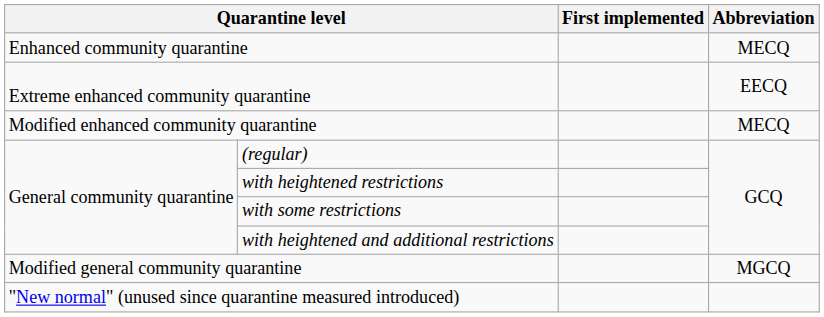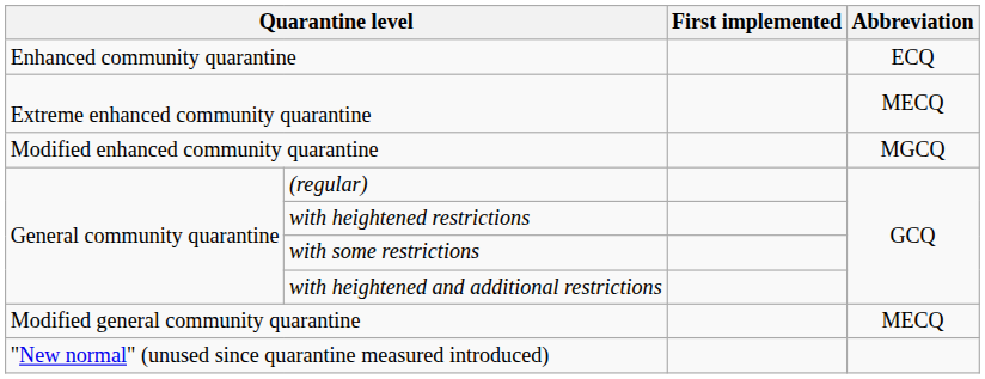 <table class="wikitable" style="text-align:center;">
 <tr>
 <th colspan="2">Quarantine level</th>
 <th>First implemented</th>
 <th>Abbreviation</th>
 </tr>
 <tr>
 <td colspan="2" align="left">Enhanced community quarantine</td>
 <td></td>
-<td>MECQ</td>
+<td>ECQ</td>
 </tr>
 <tr>
 <td colspan="2" align="left"><br>Extreme enhanced community quarantine</td>
 <td></td>
-<td>EECQ</td>
+<td>MECQ</td>
 </tr>
 <tr>
 <td colspan="2" align="left">Modified enhanced community quarantine</td>
 <td></td>
-<td>MECQ</td>
+<td>MGCQ</td>
 </tr>
 <tr>
 <td rowspan="4" align="left">General community quarantine</td>
 <td align="left"><em>(regular)</em></td>
 <td></td>
 <td rowspan="4">GCQ</td>
 </tr>
 <tr>
 <td align="left"><em>with heightened restrictions</em></td>
 <td></td>
 </tr>
 <tr>
 <td align="left"><em>with some restrictions</em></td>
 <td></td>
 </tr>
 <tr>
 <td align="left"><em>with heightened and additional restrictions</em></td>
 <td></td>
 </tr>
 <tr>
 <td colspan="2" align="left">Modified general community quarantine</td>
 <td></td>
-<td>MGCQ</td>
+<td>MECQ</td>
 </tr>
 <tr>
 <td colspan="2" align="left">"<a href='#'>New normal</a>" (unused since quarantine measured introduced)</td>
 <td></td>
 <td></td>
 </tr>
 </table>
